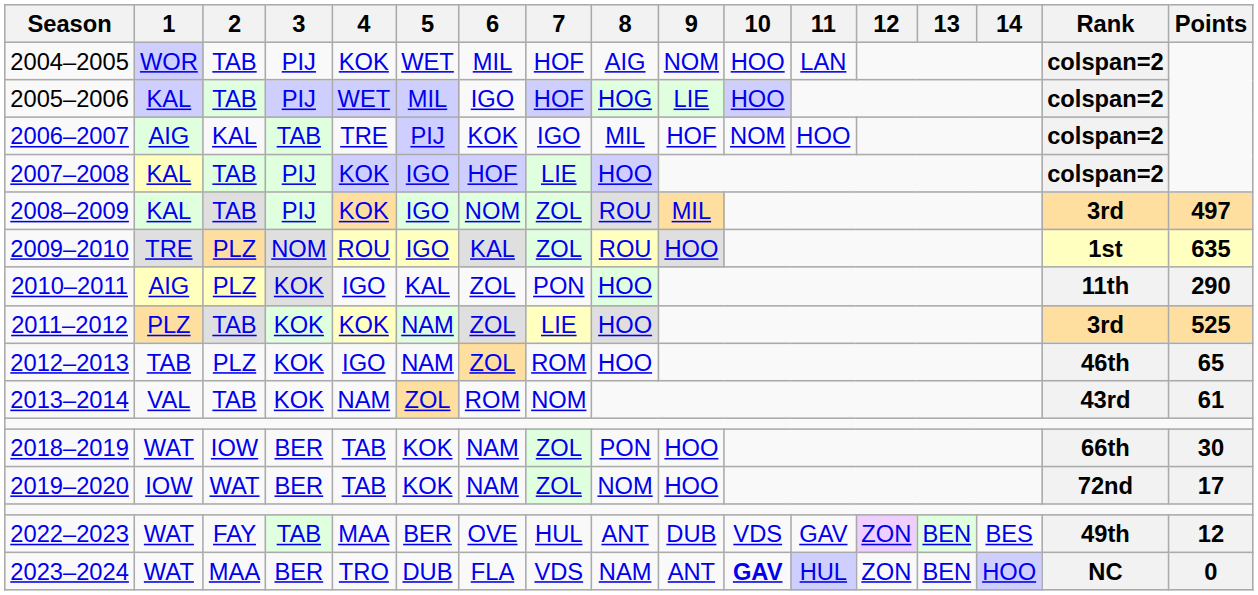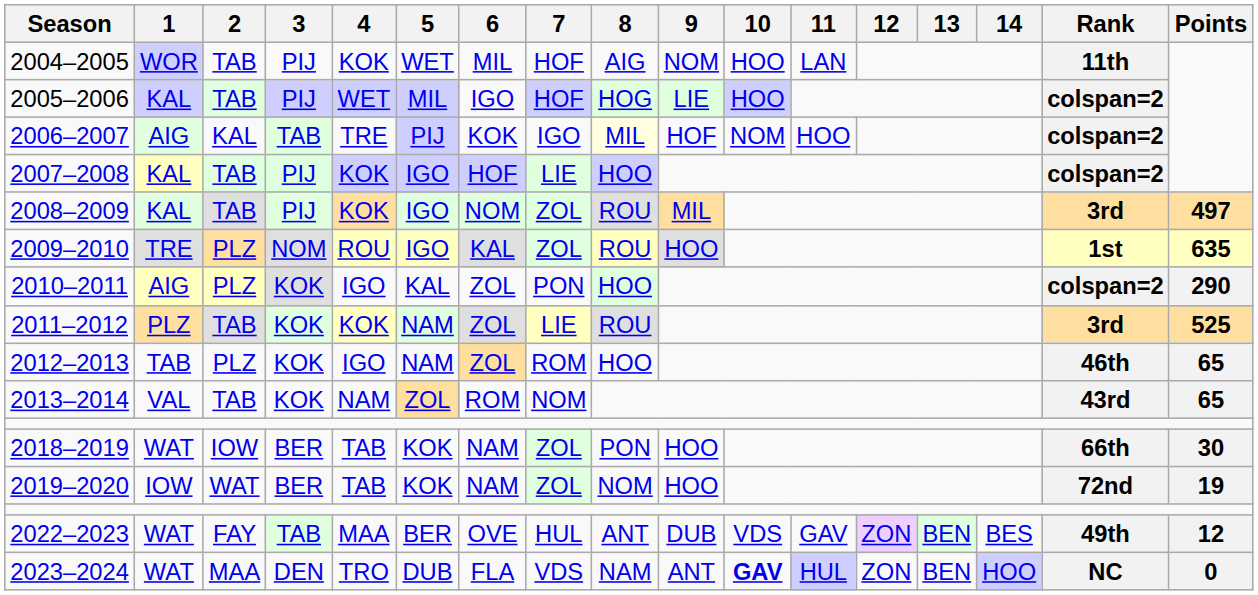 <table class="wikitable" style="text-align:center; font-size:95%">
 <tr>
 <th>Season</th>
 <th>1</th>
 <th>2</th>
 <th>3</th>
 <th>4</th>
 <th>5</th>
 <th>6</th>
 <th>7</th>
 <th>8</th>
 <th>9</th>
 <th>10</th>
 <th>11</th>
 <th>12</th>
 <th>13</th>
 <th>14</th>
 <th>Rank</th>
 <th>Points</th>
 </tr>
 <tr>
 <td>2004–2005</td>
 <td style="background:#cfcfff"><a href='#'>WOR</a><br></td>
 <td><a href='#'>TAB</a><br></td>
 <td><a href='#'>PIJ</a><br></td>
 <td><a href='#'>KOK</a><br></td>
 <td><a href='#'>WET</a><br></td>
 <td><a href='#'>MIL</a><br></td>
 <td><a href='#'>HOF</a><br></td>
 <td><a href='#'>AIG</a><br></td>
 <td><a href='#'>NOM</a><br></td>
 <td><a href='#'>HOO</a><br></td>
 <td><a href='#'>LAN</a><br></td>
 <td colspan=3></td>
-<th>colspan=2 </th>
+<th>11th</th>
 </tr>
 <tr>
 <td>2005–2006</td>
 <td style="background:#cfcfff"><a href='#'>KAL</a><br></td>
 <td style="background:#dfffdf"><a href='#'>TAB</a><br></td>
 <td style="background:#cfcfff"><a href='#'>PIJ</a><br></td>
 <td style="background:#cfcfff"><a href='#'>WET</a><br></td>
 <td style="background:#cfcfff"><a href='#'>MIL</a><br></td>
 <td><a href='#'>IGO</a><br></td>
 <td style="background:#cfcfff"><a href='#'>HOF</a><br></td>
 <td style="background:#dfffdf"><a href='#'>HOG</a><br></td>
 <td style="background:#dfffdf"><a href='#'>LIE</a><br></td>
 <td style="background:#cfcfff"><a href='#'>HOO</a><br></td>
 <td colspan=4></td>
 <th>colspan=2 </th>
 </tr>
 <tr>
 <td><a href='#'>2006–2007</a></td>
 <td style="background:#dfffdf"><a href='#'>AIG</a><br></td>
 <td><a href='#'>KAL</a><br></td>
 <td style="background:#dfffdf"><a href='#'>TAB</a><br></td>
 <td><a href='#'>TRE</a><br></td>
 <td style="background:#cfcfff"><a href='#'>PIJ</a><br></td>
 <td><a href='#'>KOK</a><br></td>
 <td><a href='#'>IGO</a><br></td>
-<td><a href='#'>MIL</a><br></td>
+<td style="background: lightyellow;"><a href='#'>MIL</a><br></td>
 <td><a href='#'>HOF</a><br></td>
 <td><a href='#'>NOM</a><br></td>
 <td><a href='#'>HOO</a><br></td>
 <td colspan=3></td>
 <th>colspan=2 </th>
 </tr>
 <tr>
 <td><a href='#'>2007–2008</a></td>
 <td style="background:#FFFFBF;"><a href='#'>KAL</a><br></td>
 <td style="background:#dfffdf"><a href='#'>TAB</a><br></td>
 <td style="background:#dfffdf"><a href='#'>PIJ</a><br></td>
 <td style="background:#cfcfff"><a href='#'>KOK</a><br></td>
 <td style="background:#cfcfff"><a href='#'>IGO</a><br></td>
 <td style="background:#cfcfff"><a href='#'>HOF</a><br></td>
 <td style="background:#dfffdf"><a href='#'>LIE</a><br></td>
 <td style="background:#cfcfff"><a href='#'>HOO</a><br></td>
 <td colspan=6></td>
 <th>colspan=2 </th>
 </tr>
 <tr>
 <td><a href='#'>2008–2009</a></td>
 <td style="background:#dfffdf"><a href='#'>KAL</a><br></td>
 <td style="background:#dfdfdf"><a href='#'>TAB</a><br></td>
 <td style="background:#dfffdf"><a href='#'>PIJ</a><br></td>
 <td style="background:#ffdf9f"><a href='#'>KOK</a><br></td>
 <td style="background:#dfffdf"><a href='#'>IGO</a><br></td>
 <td style="background:#dfffdf"><a href='#'>NOM</a><br></td>
 <td style="background:#dfffdf"><a href='#'>ZOL</a><br></td>
 <td style="background:#dfdfdf"><a href='#'>ROU</a><br></td>
 <td style="background:#ffdf9f"><a href='#'>MIL</a><br></td>
 <td colspan=5></td>
 <th style="background:#ffdf9f">3rd</th>
 <th style="background:#ffdf9f">497</th>
 </tr>
 <tr>
 <td><a href='#'>2009–2010</a></td>
 <td style="background:#dfdfdf"><a href='#'>TRE</a><br></td>
 <td style="background:#ffdf9f"><a href='#'>PLZ</a><br></td>
 <td style="background:#dfdfdf"><a href='#'>NOM</a><br></td>
 <td style="background:#ffffbf"><a href='#'>ROU</a><br></td>
 <td style="background:#ffffbf"><a href='#'>IGO</a><br></td>
 <td style="background:#dfdfdf"><a href='#'>KAL</a><br></td>
 <td style="background:#dfffdf"><a href='#'>ZOL</a><br></td>
 <td style="background:#ffffbf"><a href='#'>ROU</a><br></td>
 <td style="background:#dfdfdf"><a href='#'>HOO</a><br></td>
 <td colspan=5></td>
 <th style="background:#FFFFBF;">1st</th>
 <th style="background:#FFFFBF;">635</th>
 </tr>
 <tr>
 <td><a href='#'>2010–2011</a></td>
 <td style="background:#ffffbf"><a href='#'>AIG</a><br></td>
 <td style="background:#ffffbf"><a href='#'>PLZ</a><br></td>
 <td style="background:#dfdfdf"><a href='#'>KOK</a><br></td>
 <td><a href='#'>IGO</a><br></td>
 <td><a href='#'>KAL</a><br></td>
 <td><a href='#'>ZOL</a><br></td>
 <td><a href='#'>PON</a><br></td>
 <td style="background:#dfffdf"><a href='#'>HOO</a><br></td>
 <td colspan=6></td>
-<th>11th</th>
+<th>colspan=2 </th>
 <th>290</th>
 </tr>
 <tr>
 <td><a href='#'>2011–2012</a></td>
 <td style="background:#ffdf9f"><a href='#'>PLZ</a><br></td>
 <td style="background:#dfdfdf"><a href='#'>TAB</a><br></td>
 <td style="background:#dfffdf"><a href='#'>KOK</a><br></td>
 <td style="background:#ffffbf"><a href='#'>KOK</a><br></td>
 <td style="background:#dfffdf"><a href='#'>NAM</a><br></td>
 <td style="background:#dfdfdf"><a href='#'>ZOL</a><br></td>
 <td style="background:#ffffbf"><a href='#'>LIE</a><br></td>
-<td style="background:#dfdfdf"><a href='#'>HOO</a><br></td>
+<td style="background:#dfdfdf"><a href='#'>ROU</a><br></td>
 <td colspan=6></td>
 <th style="background:#ffdf9f">3rd</th>
 <th style="background:#ffdf9f">525</th>
 </tr>
 <tr>
 <td><a href='#'>2012–2013</a></td>
 <td><a href='#'>TAB</a><br></td>
 <td><a href='#'>PLZ</a><br></td>
 <td><a href='#'>KOK</a><br></td>
 <td><a href='#'>IGO</a><br></td>
 <td><a href='#'>NAM</a><br></td>
 <td style="background:#ffdf9f"><a href='#'>ZOL</a><br></td>
 <td><a href='#'>ROM</a><br></td>
 <td><a href='#'>HOO</a><br></td>
 <td colspan=6></td>
 <th>46th</th>
 <th>65</th>
 </tr>
 <tr>
 <td><a href='#'>2013–2014</a></td>
 <td><a href='#'>VAL</a><br></td>
 <td><a href='#'>TAB</a><br></td>
 <td><a href='#'>KOK</a><br></td>
 <td><a href='#'>NAM</a><br></td>
 <td style="background:#ffdf9f"><a href='#'>ZOL</a><br></td>
 <td><a href='#'>ROM</a><br></td>
 <td><a href='#'>NOM</a><br></td>
 <td colspan=7></td>
 <th>43rd</th>
-<th>61</th>
+<th>65</th>
 </tr>
 <tr>
 <td colspan=17></td>
 </tr>
 <tr>
 <td><a href='#'>2018–2019</a></td>
 <td><a href='#'>WAT</a><br></td>
 <td><a href='#'>IOW</a><br></td>
 <td><a href='#'>BER</a><br></td>
 <td><a href='#'>TAB</a><br></td>
 <td><a href='#'>KOK</a><br></td>
 <td><a href='#'>NAM</a><br></td>
 <td style="background:#dfffdf"><a href='#'>ZOL</a><br></td>
 <td><a href='#'>PON</a><br></td>
 <td><a href='#'>HOO</a><br></td>
 <td colspan=5></td>
 <th>66th</th>
 <th>30</th>
 </tr>
 <tr>
 <td><a href='#'>2019–2020</a></td>
 <td><a href='#'>IOW</a><br></td>
 <td><a href='#'>WAT</a><br></td>
 <td><a href='#'>BER</a><br></td>
 <td><a href='#'>TAB</a><br></td>
 <td><a href='#'>KOK</a><br></td>
 <td><a href='#'>NAM</a><br></td>
 <td style="background:#dfffdf"><a href='#'>ZOL</a><br></td>
 <td><a href='#'>NOM</a><br></td>
 <td><a href='#'>HOO</a><br></td>
 <td colspan=5></td>
 <th>72nd</th>
-<th>17</th>
+<th>19</th>
 </tr>
 <tr>
 <td colspan=17></td>
 </tr>
 <tr>
 <td><a href='#'>2022–2023</a></td>
 <td><a href='#'>WAT</a><br></td>
 <td><a href='#'>FAY</a><br></td>
 <td style="background:#dfffdf"><a href='#'>TAB</a><br></td>
 <td><a href='#'>MAA</a><br></td>
 <td><a href='#'>BER</a><br></td>
 <td><a href='#'>OVE</a><br></td>
 <td><a href='#'>HUL</a><br></td>
 <td><a href='#'>ANT</a><br></td>
 <td><a href='#'>DUB</a><br></td>
 <td><a href='#'>VDS</a><br></td>
 <td><a href='#'>GAV</a><br></td>
 <td style="background:#efcfff"><a href='#'>ZON</a><br></td>
 <td style="background:#dfffdf"><a href='#'>BEN</a><br></td>
 <td><a href='#'>BES</a><br></td>
 <th>49th</th>
 <th>12</th>
 </tr>
 <tr>
 <td><a href='#'>2023–2024</a></td>
 <td><a href='#'>WAT</a><br></td>
 <td><a href='#'>MAA</a><br></td>
-<td><a href='#'>BER</a><br></td>
+<td><a href='#'>DEN</a><br></td>
 <td><a href='#'>TRO</a><br></td>
 <td><a href='#'>DUB</a><br></td>
 <td><a href='#'>FLA</a><br></td>
 <td><a href='#'>VDS</a><br></td>
 <td><a href='#'>NAM</a><br></td>
 <td><a href='#'>ANT</a><br></td>
 <td><strong><a href='#'>GAV</a><br></strong></td>
 <td style="background:#cfcfff"><a href='#'>HUL</a><br></td>
 <td><a href='#'>ZON</a><br></td>
 <td><a href='#'>BEN</a><br></td>
 <td style="background:#cfcfff"><a href='#'>HOO</a><br></td>
 <th>NC</th>
 <th>0</th>
 </tr>
 </table>
